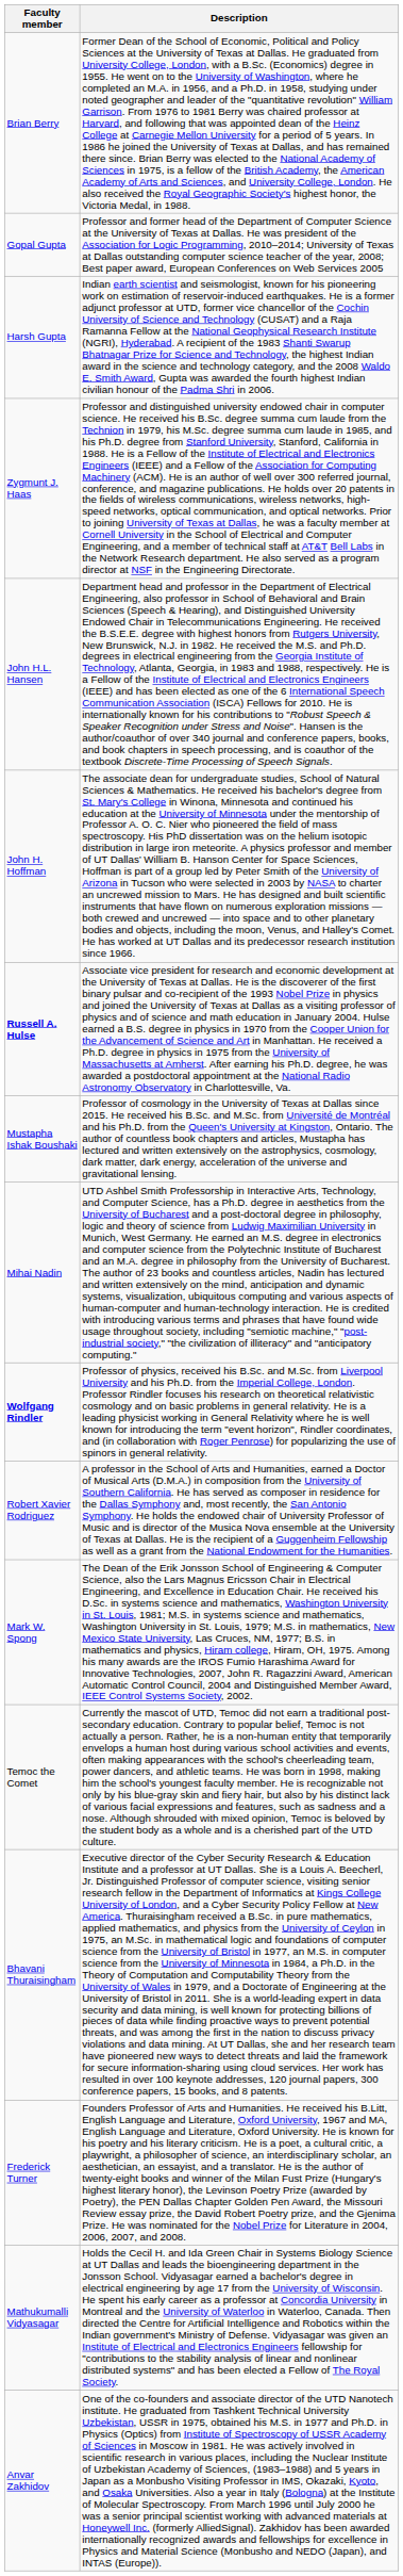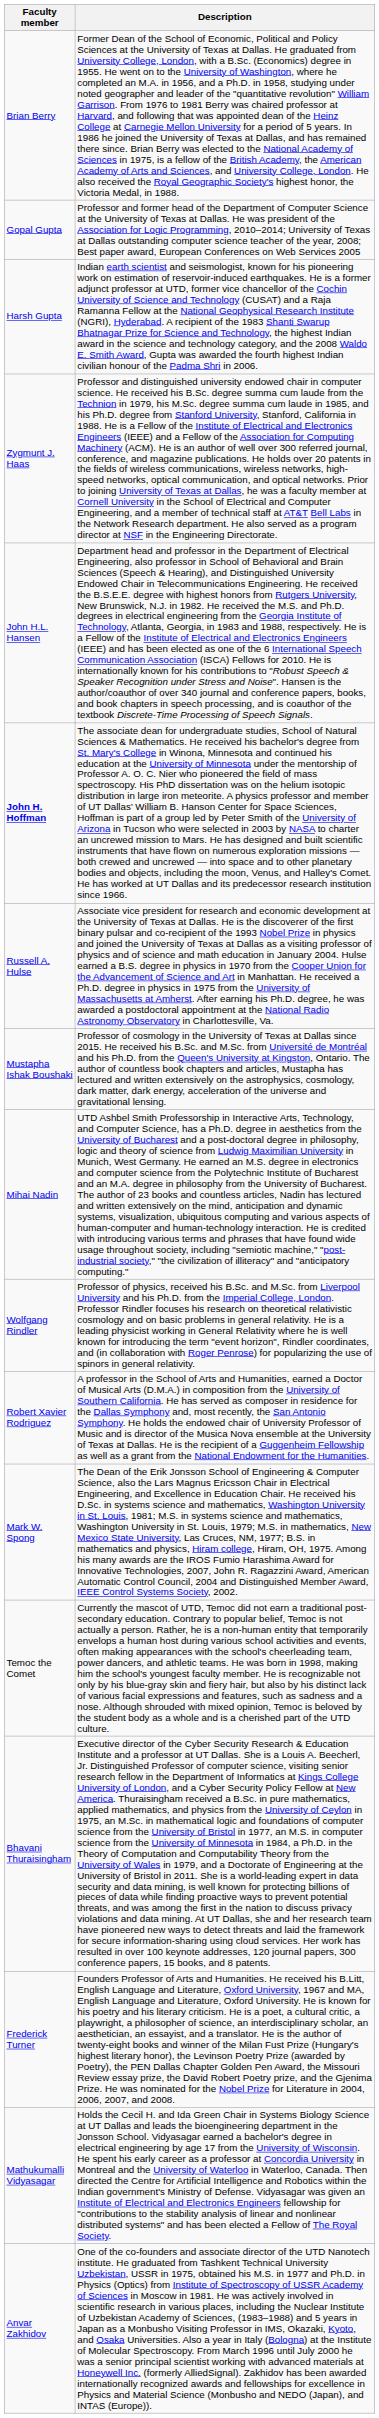 <table class="wikitable sortable" text-align:left;">
 <tr>
 <th>Faculty member</th>
 <th>Description</th>
 </tr>
 <tr>
 <td><a href='#'>Brian Berry</a></td>
 <td>Former Dean of the School of Economic, Political and Policy Sciences at the University of Texas at Dallas. He graduated from <a href='#'>University College, London</a>, with a B.Sc. (Economics) degree in 1955. He went on to the <a href='#'>University of Washington</a>, where he completed an M.A. in 1956, and a Ph.D. in 1958, studying under noted geographer and leader of the "quantitative revolution" <a href='#'>William Garrison</a>.  From 1976 to 1981 Berry was chaired professor at <a href='#'>Harvard</a>, and following that was appointed dean of the <a href='#'>Heinz College</a> at <a href='#'>Carnegie Mellon University</a> for a period of 5 years. In 1986 he joined the University of Texas at Dallas, and has remained there since.  Brian Berry was elected to the <a href='#'>National Academy of Sciences</a> in 1975, is a fellow of the <a href='#'>British Academy</a>, the <a href='#'>American Academy of Arts and Sciences</a>, and <a href='#'>University College, London</a>. He also received the <a href='#'>Royal Geographic Society's</a> highest honor, the Victoria Medal, in 1988.</td>
 </tr>
 <tr>
 <td><a href='#'>Gopal Gupta</a></td>
 <td>Professor and former head of the Department of Computer Science at the University of Texas at Dallas. He was president of the <a href='#'>Association for Logic Programming</a>, 2010–2014; University of Texas at Dallas outstanding computer science teacher of the year, 2008; Best paper award, European Conferences on Web Services 2005</td>
 </tr>
 <tr>
 <td><a href='#'>Harsh Gupta</a></td>
 <td>Indian <a href='#'>earth scientist</a> and seismologist, known for his pioneering work on estimation of reservoir-induced earthquakes. He is a former adjunct professor at UTD, former vice chancellor of the <a href='#'>Cochin University of Science and Technology</a> (CUSAT) and a Raja Ramanna Fellow at the <a href='#'>National Geophysical Research Institute</a> (NGRI), <a href='#'>Hyderabad</a>. A recipient of the 1983 <a href='#'>Shanti Swarup Bhatnagar Prize for Science and Technology</a>, the highest Indian award in the science and technology category, and the 2008 <a href='#'>Waldo E. Smith Award</a>, Gupta was awarded the fourth highest Indian civilian honour of the <a href='#'>Padma Shri</a> in 2006.</td>
 </tr>
 <tr>
 <td><a href='#'>Zygmunt J. Haas</a></td>
 <td>Professor and distinguished university endowed chair in computer science. He received his B.Sc. degree summa cum laude from the <a href='#'>Technion</a> in 1979, his M.Sc. degree summa cum laude in 1985, and his Ph.D. degree from <a href='#'>Stanford University</a>, Stanford, California in 1988. He is a Fellow of the <a href='#'>Institute of Electrical and Electronics Engineers</a> (IEEE) and a Fellow of the <a href='#'>Association for Computing Machinery</a> (ACM). He is an author of well over 300 referred journal, conference, and magazine publications. He holds over 20 patents in the fields of wireless communications, wireless networks, high-speed networks, optical communication, and optical networks. Prior to joining <a href='#'>University of Texas at Dallas</a>, he was a faculty member at <a href='#'>Cornell University</a> in the School of Electrical and Computer Engineering, and a member of technical staff at <a href='#'>AT&T</a> <a href='#'>Bell Labs</a> in the Network Research department. He also served as a program director at <a href='#'>NSF</a> in the Engineering Directorate.</td>
 </tr>
 <tr>
 <td><a href='#'>John H.L. Hansen</a></td>
 <td>Department head and professor in the Department of Electrical Engineering, also professor in School of Behavioral and Brain Sciences (Speech & Hearing), and Distinguished University Endowed Chair in Telecommunications Engineering. He received the B.S.E.E. degree with highest honors from <a href='#'>Rutgers University</a>, New Brunswick, N.J. in 1982. He received the M.S. and Ph.D. degrees in electrical engineering from the <a href='#'>Georgia Institute of Technology</a>, Atlanta, Georgia, in 1983 and 1988, respectively. He is a Fellow of the <a href='#'>Institute of Electrical and Electronics Engineers</a> (IEEE) and has been elected as one of the 6 <a href='#'>International Speech Communication Association</a> (ISCA) Fellows for 2010. He is internationally known for his contributions to "<em>Robust Speech & Speaker Recognition under Stress and Noise</em>". Hansen is the author/coauthor of over 340 journal and conference papers, books, and book chapters in speech processing, and is coauthor of the textbook <em>Discrete-Time Processing of Speech Signals</em>.</td>
 </tr>
 <tr>
-<td><a href='#'>John H. Hoffman</a></td>
+<td><strong><a href='#'>John H. Hoffman</a></strong></td>
 <td>The associate dean for undergraduate studies, School of Natural Sciences & Mathematics. He received his bachelor's degree from <a href='#'>St. Mary's College</a> in Winona, Minnesota and continued his education at the <a href='#'>University of Minnesota</a> under the mentorship of Professor A. O. C. Nier who pioneered the field of mass spectroscopy. His PhD dissertation was on the helium isotopic distribution in large iron meteorite.  A physics professor and member of UT Dallas’ William B. Hanson Center for Space Sciences, Hoffman is part of a group led by Peter Smith of the <a href='#'>University of Arizona</a> in Tucson who were selected in 2003 by <a href='#'>NASA</a> to charter an uncrewed mission to Mars. He has designed and built scientific instruments that have flown on numerous exploration missions — both crewed and uncrewed — into space and to other planetary bodies and objects, including the moon, Venus, and Halley's Comet. He has worked at UT Dallas and its predecessor research institution since 1966.</td>
 </tr>
 <tr>
-<td><strong><a href='#'>Russell A. Hulse</a></strong></td>
+<td><a href='#'>Russell A. Hulse</a></td>
 <td>Associate vice president for research and economic development at the University of Texas at Dallas. He is the discoverer of the first binary pulsar and co-recipient of the 1993 <a href='#'>Nobel Prize</a> in physics and joined the University of Texas at Dallas as a visiting professor of physics and of science and math education in January 2004. Hulse earned a B.S. degree in physics in 1970 from the <a href='#'>Cooper Union for the Advancement of Science and Art</a> in Manhattan. He received a Ph.D. degree in physics in 1975 from the <a href='#'>University of Massachusetts at Amherst</a>. After earning his Ph.D. degree, he was awarded a postdoctoral appointment at the <a href='#'>National Radio Astronomy Observatory</a> in Charlottesville, Va.</td>
 </tr>
 <tr>
 <td><a href='#'>Mustapha Ishak Boushaki</a></td>
 <td>Professor of cosmology in the University of Texas at Dallas since 2015. He received his B.Sc. and M.Sc. from <a href='#'>Université de Montréal</a> and his Ph.D. from the <a href='#'>Queen's University at Kingston</a>, Ontario. The author of countless book chapters and articles, Mustapha has lectured and written extensively on the astrophysics, cosmology, dark matter, dark energy, acceleration of the universe and gravitational lensing.</td>
 </tr>
 <tr>
 <td><a href='#'>Mihai Nadin</a></td>
 <td>UTD Ashbel Smith Professorship in Interactive Arts, Technology, and Computer Science, has a Ph.D. degree in aesthetics from the <a href='#'>University of Bucharest</a> and a post-doctoral degree in philosophy, logic and theory of science from <a href='#'>Ludwig Maximilian University</a> in Munich, West Germany. He earned an M.S. degree in electronics and computer science from the Polytechnic Institute of Bucharest and an M.A. degree in philosophy from the University of Bucharest. The author of 23 books and countless articles, Nadin has lectured and written extensively on the mind, anticipation and dynamic systems, visualization, ubiquitous computing and various aspects of human-computer and human-technology interaction. He is credited with introducing various terms and phrases that have found wide usage throughout society, including "semiotic machine," "<a href='#'>post-industrial society</a>," "the civilization of illiteracy" and "anticipatory computing."</td>
 </tr>
 <tr>
-<td><strong><a href='#'>Wolfgang Rindler</a></strong></td>
+<td><a href='#'>Wolfgang Rindler</a></td>
 <td>Professor of physics, received his B.Sc. and M.Sc. from <a href='#'>Liverpool University</a> and his Ph.D. from the <a href='#'>Imperial College, London</a>.  Professor Rindler focuses his research on theoretical relativistic cosmology and on basic problems in general relativity.  He is a leading physicist working in General Relativity where he is well known for introducing the term "event horizon", Rindler coordinates, and (in collaboration with <a href='#'>Roger Penrose</a>) for popularizing the use of spinors in general relativity.</td>
 </tr>
 <tr>
 <td><a href='#'>Robert Xavier Rodriguez</a></td>
 <td>A professor in the School of Arts and Humanities, earned a Doctor of Musical Arts (D.M.A.) in composition from the <a href='#'>University of Southern California</a>. He has served as composer in residence for the <a href='#'>Dallas Symphony</a> and, most recently, the <a href='#'>San Antonio Symphony</a>. He holds the endowed chair of University Professor of Music and is director of the Musica Nova ensemble at the University of Texas at Dallas. He is the recipient of a <a href='#'>Guggenheim Fellowship</a> as well as a grant from the <a href='#'>National Endowment for the Humanities</a>.</td>
 </tr>
 <tr>
 <td><a href='#'>Mark W. Spong</a></td>
 <td>The Dean of the Erik Jonsson School of Engineering & Computer Science, also the Lars Magnus Ericsson Chair in Electrical Engineering, and Excellence in Education Chair. He received his D.Sc. in systems science and mathematics, <a href='#'>Washington University in St. Louis</a>, 1981; M.S. in systems science and mathematics, Washington University in St. Louis, 1979; M.S. in mathematics, <a href='#'>New Mexico State University</a>, Las Cruces, NM, 1977; B.S. in mathematics and physics, <a href='#'>Hiram college</a>, Hiram, OH, 1975. Among his many awards are the IROS Fumio Harashima Award for Innovative Technologies, 2007,  John R. Ragazzini Award, American Automatic Control Council, 2004 and Distinguished Member Award, <a href='#'>IEEE Control Systems Society</a>, 2002.</td>
 </tr>
 <tr>
 <td>Temoc the Comet</td>
 <td>Currently the mascot of UTD, Temoc did not earn a traditional post-secondary education. Contrary to popular belief, Temoc is not actually a person. Rather, he is a non-human entity that temporarily envelops a human host during various school activities and events, often making appearances with the school's cheerleading team, power dancers, and athletic teams. He was born in 1998, making him the school's youngest faculty member. He is recognizable not only by his blue-gray skin and fiery hair, but also by his distinct lack of various facial expressions and features, such as sadness and a nose. Although shrouded with mixed opinion, Temoc is beloved by the student body as a whole and is a cherished part of the UTD culture.</td>
 </tr>
 <tr>
 <td><a href='#'>Bhavani Thuraisingham</a></td>
 <td>Executive director of the Cyber Security Research & Education Institute and a professor at UT Dallas.  She is a Louis A. Beecherl, Jr. Distinguished Professor of computer science, visiting senior research fellow in the Department of Informatics at <a href='#'>Kings College University of London</a>, and a Cyber Security Policy Fellow at <a href='#'>New America</a>. Thuraisingham received a B.Sc. in pure mathematics, applied mathematics, and physics from the <a href='#'>University of Ceylon</a> in 1975, an M.Sc. in mathematical logic and foundations of computer science from the <a href='#'>University of Bristol</a> in 1977, an M.S. in computer science from the <a href='#'>University of Minnesota</a> in 1984, a Ph.D. in the Theory of Computation and Computability Theory from the <a href='#'>University of Wales</a> in 1979, and a Doctorate of Engineering at the University of Bristol in 2011.  She is a world-leading expert in data security and data mining, is well known for protecting billions of pieces of data while finding proactive ways to prevent potential threats, and was among the first in the nation to discuss privacy violations and data mining. At UT Dallas, she and her research team have pioneered new ways to detect threats and laid the framework for secure information-sharing using cloud services. Her work has resulted in over 100 keynote addresses, 120 journal papers, 300 conference papers, 15 books, and 8 patents.</td>
 </tr>
 <tr>
 <td><a href='#'>Frederick Turner</a></td>
 <td>Founders Professor of Arts and Humanities. He received his B.Litt, English Language and Literature, <a href='#'>Oxford University</a>, 1967 and MA, English Language and Literature, Oxford University.  He is known for his poetry and his literary criticism. He is a poet, a cultural critic, a playwright, a philosopher of science, an interdisciplinary scholar, an aesthetician, an essayist, and a translator. He is the author of twenty-eight books and winner of the Milan Fust Prize (Hungary's highest literary honor), the Levinson Poetry Prize (awarded by Poetry), the PEN Dallas Chapter Golden Pen Award, the Missouri Review essay prize, the David Robert Poetry prize, and the Gjenima Prize. He was nominated for the <a href='#'>Nobel Prize</a> for Literature in 2004, 2006, 2007, and 2008.</td>
 </tr>
 <tr>
 <td><a href='#'>Mathukumalli Vidyasagar</a></td>
 <td>Holds the Cecil H. and Ida Green Chair in Systems Biology Science at UT Dallas and leads the bioengineering department in the Jonsson School. Vidyasagar earned a bachelor's degree in electrical engineering by age 17 from the <a href='#'>University of Wisconsin</a>.  He spent his early career as a professor at <a href='#'>Concordia University</a> in Montreal and the <a href='#'>University of Waterloo</a> in Waterloo, Canada. Then directed the Centre for Artificial Intelligence and Robotics within the Indian government's Ministry of Defense. Vidyasagar was given an <a href='#'>Institute of Electrical and Electronics Engineers</a> fellowship for "contributions to the stability analysis of linear and nonlinear distributed systems" and has been elected a Fellow of <a href='#'>The Royal Society</a>.</td>
 </tr>
 <tr>
 <td><a href='#'>Anvar Zakhidov</a></td>
 <td>One of the co-founders and associate director of the UTD Nanotech institute. He graduated from Tashkent Technical University <a href='#'>Uzbekistan</a>, USSR in 1975, obtained his M.S. in 1977 and Ph.D. in Physics (Optics) from <a href='#'>Institute of Spectroscopy of USSR Academy of Sciences</a> in Moscow in 1981. He was actively involved in scientific research in various places, including the Nuclear Institute of Uzbekistan Academy of Sciences, (1983–1988) and 5 years in Japan as a Monbusho Visiting Professor in IMS, Okazaki, <a href='#'>Kyoto</a>, and <a href='#'>Osaka</a> Universities. Also a year in Italy (<a href='#'>Bologna</a>) at the Institute of Molecular Spectroscopy. From March 1996 until July 2000 he was a senior principal scientist working with advanced materials at <a href='#'>Honeywell Inc.</a> (formerly AlliedSignal).  Zakhidov has been awarded internationally recognized awards and fellowships for excellence in Physics and Material Science (Monbusho and NEDO (Japan), and INTAS (Europe)).</td>
 </tr>
 </table>
